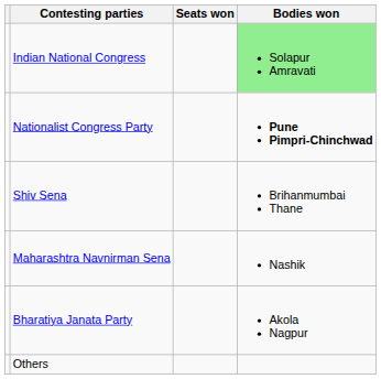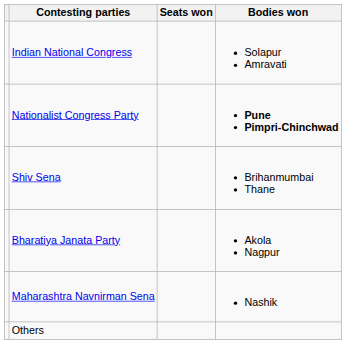 <table class="wikitable">
 <tr>
 <th></th>
 <th>Contesting parties</th>
 <th>Seats won</th>
 <th>Bodies won</th>
 </tr>
 <tr>
 <td style="background-color: "></td>
 <td><a href='#'>Indian National Congress</a></td>
 <td></td>
-<td style="background: lightgreen;"><br><ul><li>Solapur</li><li>Amravati</li></ul></td>
+<td><br><ul><li>Solapur</li><li>Amravati</li></ul></td>
 </tr>
 <tr>
 <td style="background-color: "></td>
 <td><a href='#'>Nationalist Congress Party</a></td>
 <td></td>
 <td><strong><br><ul><li>Pune</li><li>Pimpri-Chinchwad</li></ul></strong></td>
 </tr>
 <tr>
 <td style="background-color: "></td>
 <td><a href='#'>Shiv Sena</a></td>
 <td></td>
 <td><br><ul><li>Brihanmumbai</li><li>Thane</li></ul></td>
 </tr>
 <tr>
+<td style="background-color:"></td>
+<td><a href='#'>Bharatiya Janata Party</a></td>
+<td></td>
+<td><br><ul><li>Akola</li><li>Nagpur</li></ul></td>
+</tr>
+<tr>
 <td style="background-color: "></td>
 <td><a href='#'>Maharashtra Navnirman Sena</a></td>
 <td></td>
 <td><br><ul><li>Nashik</li></ul></td>
-</tr>
-<tr>
-<td style="background-color:"></td>
-<td><a href='#'>Bharatiya Janata Party</a></td>
-<td></td>
-<td><br><ul><li>Akola</li><li>Nagpur</li></ul></td>
 </tr>
 <tr>
 <td></td>
 <td>Others</td>
 <td></td>
 <td></td>
 </tr>
 </table>
